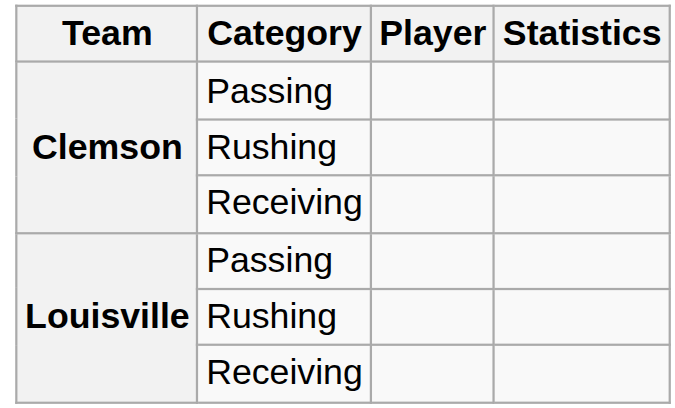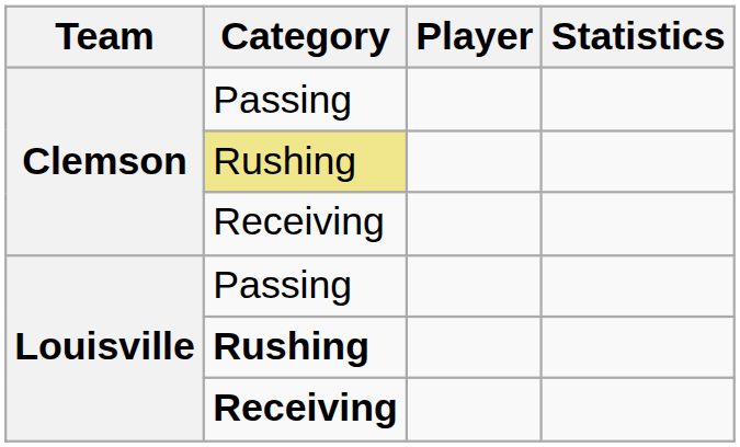 <table class="wikitable" style="float:right">
 <tr>
 <th>Team</th>
 <th>Category</th>
 <th>Player</th>
 <th>Statistics</th>
 </tr>
 <tr>
 <th rowspan=3>Clemson</th>
 <td>Passing</td>
 <td></td>
 <td></td>
 </tr>
 <tr>
-<td>Rushing</td>
+<td style="background: khaki;">Rushing</td>
 <td></td>
 <td></td>
 </tr>
 <tr>
 <td>Receiving</td>
 <td></td>
 <td></td>
 </tr>
 <tr>
 <th rowspan=3>Louisville</th>
 <td>Passing</td>
 <td></td>
 <td></td>
 </tr>
 <tr>
-<td>Rushing</td>
+<td><strong>Rushing</strong></td>
 <td></td>
 <td></td>
 </tr>
 <tr>
-<td>Receiving</td>
+<td><strong>Receiving</strong></td>
 <td></td>
 <td></td>
 </tr>
 </table>
